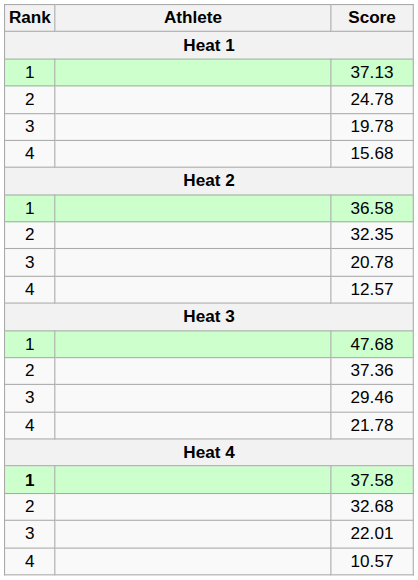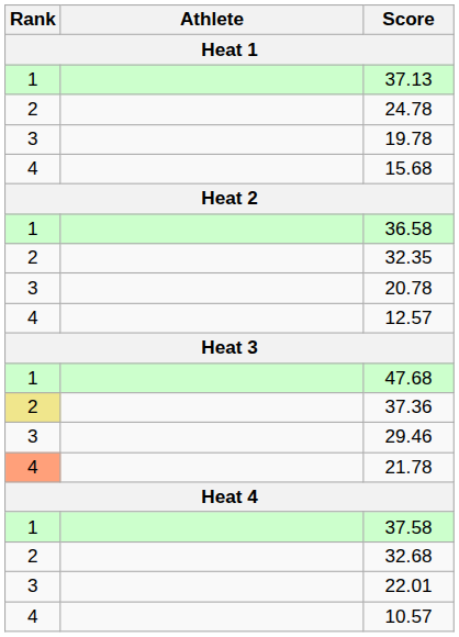 <table class=wikitable style="text-align:center">
 <tr>
 <th width=40>Rank</th>
 <th width=250>Athlete</th>
 <th width=70>Score</th>
 </tr>
 <tr>
 <th colspan=3>Heat 1</th>
 </tr>
 <tr bgcolor="ccffcc">
 <td>1</td>
 <td align=left></td>
 <td>37.13</td>
 </tr>
 <tr>
 <td>2</td>
 <td align=left></td>
 <td>24.78</td>
 </tr>
 <tr>
 <td>3</td>
 <td align=left></td>
 <td>19.78</td>
 </tr>
 <tr>
 <td>4</td>
 <td align=left></td>
 <td>15.68</td>
 </tr>
 <tr>
 <th colspan=3>Heat 2</th>
 </tr>
 <tr bgcolor="ccffcc">
 <td>1</td>
 <td align=left></td>
 <td>36.58</td>
 </tr>
 <tr>
 <td>2</td>
 <td align=left></td>
 <td>32.35</td>
 </tr>
 <tr>
 <td>3</td>
 <td align=left></td>
 <td>20.78</td>
 </tr>
 <tr>
 <td>4</td>
 <td align=left></td>
 <td>12.57</td>
 </tr>
 <tr>
 <th colspan=3>Heat 3</th>
 </tr>
 <tr bgcolor="ccffcc">
 <td>1</td>
 <td align=left></td>
 <td>47.68</td>
 </tr>
 <tr>
-<td>2</td>
+<td style="background: khaki;">2</td>
 <td align=left></td>
 <td>37.36</td>
 </tr>
 <tr>
 <td>3</td>
 <td align=left></td>
 <td>29.46</td>
 </tr>
 <tr>
-<td>4</td>
+<td style="background: lightsalmon;">4</td>
 <td align=left></td>
 <td>21.78</td>
 </tr>
 <tr>
 <th colspan=3>Heat 4</th>
 </tr>
 <tr bgcolor="ccffcc">
-<td><strong>1</strong></td>
+<td>1</td>
 <td align=left></td>
 <td>37.58</td>
 </tr>
 <tr>
 <td>2</td>
 <td align=left></td>
 <td>32.68</td>
 </tr>
 <tr>
 <td>3</td>
 <td align=left></td>
 <td>22.01</td>
 </tr>
 <tr>
 <td>4</td>
 <td align=left></td>
 <td>10.57</td>
 </tr>
 </table>
